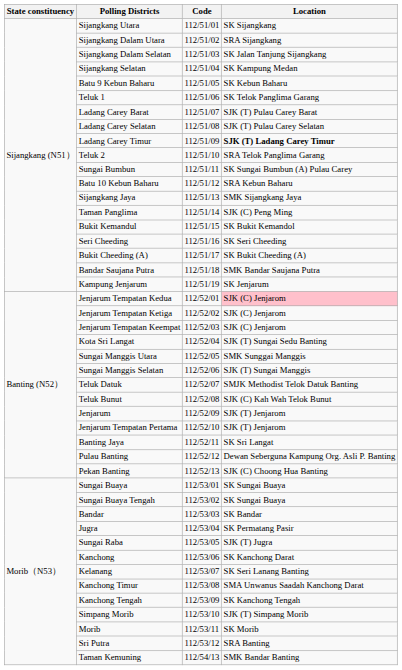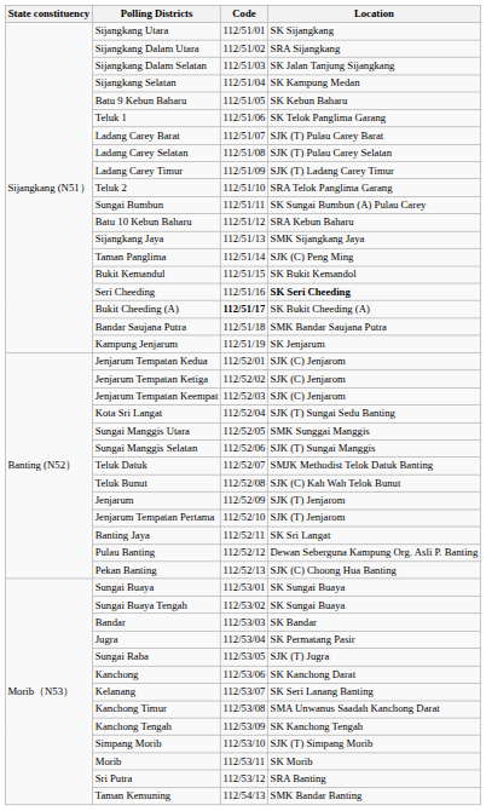 <table class="wikitable sortable mw-collapsible" style="white-space:nowrap;font-size:85%">
 <tr>
 <th>State constituency</th>
 <th>Polling Districts</th>
 <th>Code</th>
 <th>Location</th>
 </tr>
 <tr>
 <td rowspan="19">Sijangkang (N51）</td>
 <td>Sijangkang Utara</td>
 <td>112/51/01</td>
 <td>SK Sijangkang</td>
 </tr>
 <tr>
 <td>Sijangkang Dalam Utara</td>
 <td>112/51/02</td>
 <td>SRA Sijangkang</td>
 </tr>
 <tr>
 <td>Sijangkang Dalam Selatan</td>
 <td>112/51/03</td>
 <td>SK Jalan Tanjung Sijangkang</td>
 </tr>
 <tr>
 <td>Sijangkang Selatan</td>
 <td>112/51/04</td>
 <td>SK Kampung Medan</td>
 </tr>
 <tr>
 <td>Batu 9 Kebun Baharu</td>
 <td>112/51/05</td>
 <td>SK Kebun Baharu</td>
 </tr>
 <tr>
 <td>Teluk 1</td>
 <td>112/51/06</td>
 <td>SK Telok Panglima Garang</td>
 </tr>
 <tr>
 <td>Ladang Carey Barat</td>
 <td>112/51/07</td>
 <td>SJK (T) Pulau Carey Barat</td>
 </tr>
 <tr>
 <td>Ladang Carey Selatan</td>
 <td>112/51/08</td>
 <td>SJK (T) Pulau Carey Selatan</td>
 </tr>
 <tr>
 <td>Ladang Carey Timur</td>
 <td>112/51/09</td>
-<td><strong>SJK (T) Ladang Carey Timur</strong></td>
+<td>SJK (T) Ladang Carey Timur</td>
 </tr>
 <tr>
 <td>Teluk 2</td>
 <td>112/51/10</td>
 <td>SRA Telok Panglima Garang</td>
 </tr>
 <tr>
 <td>Sungai Bumbun</td>
 <td>112/51/11</td>
 <td>SK Sungai Bumbun (A) Pulau Carey</td>
 </tr>
 <tr>
 <td>Batu 10 Kebun Baharu</td>
 <td>112/51/12</td>
 <td>SRA Kebun Baharu</td>
 </tr>
 <tr>
 <td>Sijangkang Jaya</td>
 <td>112/51/13</td>
 <td>SMK Sijangkang Jaya</td>
 </tr>
 <tr>
 <td>Taman Panglima</td>
 <td>112/51/14</td>
 <td>SJK (C) Peng Ming</td>
 </tr>
 <tr>
 <td>Bukit Kemandul</td>
 <td>112/51/15</td>
 <td>SK Bukit Kemandol</td>
 </tr>
 <tr>
 <td>Seri Cheeding</td>
 <td>112/51/16</td>
-<td>SK Seri Cheeding</td>
+<td><strong>SK Seri Cheeding</strong></td>
 </tr>
 <tr>
 <td>Bukit Cheeding (A)</td>
-<td>112/51/17</td>
+<td><strong>112/51/17</strong></td>
 <td>SK Bukit Cheeding (A)</td>
 </tr>
 <tr>
 <td>Bandar Saujana Putra</td>
 <td>112/51/18</td>
 <td>SMK Bandar Saujana Putra</td>
 </tr>
 <tr>
 <td>Kampung Jenjarum</td>
 <td>112/51/19</td>
 <td>SK Jenjarum</td>
 </tr>
 <tr>
 <td rowspan="13">Banting (N52）</td>
 <td>Jenjarum Tempatan Kedua</td>
 <td>112/52/01</td>
-<td style="background: pink;">SJK (C) Jenjarom</td>
+<td>SJK (C) Jenjarom</td>
 </tr>
 <tr>
 <td>Jenjarum Tempatan Ketiga</td>
 <td>112/52/02</td>
 <td>SJK (C) Jenjarom</td>
 </tr>
 <tr>
 <td>Jenjarum Tempatan Keempat</td>
 <td>112/52/03</td>
 <td>SJK (C) Jenjarom</td>
 </tr>
 <tr>
 <td>Kota Sri Langat</td>
 <td>112/52/04</td>
 <td>SJK (T) Sungai Sedu Banting</td>
 </tr>
 <tr>
 <td>Sungai Manggis Utara</td>
 <td>112/52/05</td>
 <td>SMK Sunggai Manggis</td>
 </tr>
 <tr>
 <td>Sungai Manggis Selatan</td>
 <td>112/52/06</td>
 <td>SJK (T) Sungai Manggis</td>
 </tr>
 <tr>
 <td>Teluk Datuk</td>
 <td>112/52/07</td>
 <td>SMJK Methodist Telok Datuk Banting</td>
 </tr>
 <tr>
 <td>Teluk Bunut</td>
 <td>112/52/08</td>
 <td>SJK (C) Kah Wah Telok Bunut</td>
 </tr>
 <tr>
 <td>Jenjarum</td>
 <td>112/52/09</td>
 <td>SJK (T) Jenjarom</td>
 </tr>
 <tr>
 <td>Jenjarum Tempatan Pertama</td>
 <td>112/52/10</td>
 <td>SJK (T) Jenjarom</td>
 </tr>
 <tr>
 <td>Banting Jaya</td>
 <td>112/52/11</td>
 <td>SK Sri Langat</td>
 </tr>
 <tr>
 <td>Pulau Banting</td>
 <td>112/52/12</td>
 <td>Dewan Seberguna Kampung Org. Asli P. Banting</td>
 </tr>
 <tr>
 <td>Pekan Banting</td>
 <td>112/52/13</td>
 <td>SJK (C) Choong Hua Banting</td>
 </tr>
 <tr>
 <td rowspan="13">Morib（N53）</td>
 <td>Sungai Buaya</td>
 <td>112/53/01</td>
 <td>SK Sungai Buaya</td>
 </tr>
 <tr>
 <td>Sungai Buaya Tengah</td>
 <td>112/53/02</td>
 <td>SK Sungai Buaya</td>
 </tr>
 <tr>
 <td>Bandar</td>
 <td>112/53/03</td>
 <td>SK Bandar</td>
 </tr>
 <tr>
 <td>Jugra</td>
 <td>112/53/04</td>
 <td>SK Permatang Pasir</td>
 </tr>
 <tr>
 <td>Sungai Raba</td>
 <td>112/53/05</td>
 <td>SJK (T) Jugra</td>
 </tr>
 <tr>
 <td>Kanchong</td>
 <td>112/53/06</td>
 <td>SK Kanchong Darat</td>
 </tr>
 <tr>
 <td>Kelanang</td>
 <td>112/53/07</td>
 <td>SK Seri Lanang Banting</td>
 </tr>
 <tr>
 <td>Kanchong Timur</td>
 <td>112/53/08</td>
 <td>SMA Unwanus Saadah Kanchong Darat</td>
 </tr>
 <tr>
 <td>Kanchong Tengah</td>
 <td>112/53/09</td>
 <td>SK Kanchong Tengah</td>
 </tr>
 <tr>
 <td>Simpang Morib</td>
 <td>112/53/10</td>
 <td>SJK (T) Simpang Morib</td>
 </tr>
 <tr>
 <td>Morib</td>
 <td>112/53/11</td>
 <td>SK Morib</td>
 </tr>
 <tr>
 <td>Sri Putra</td>
 <td>112/53/12</td>
 <td>SRA Banting</td>
 </tr>
 <tr>
 <td>Taman Kemuning</td>
 <td>112/54/13</td>
 <td>SMK Bandar Banting</td>
 </tr>
 </table>
